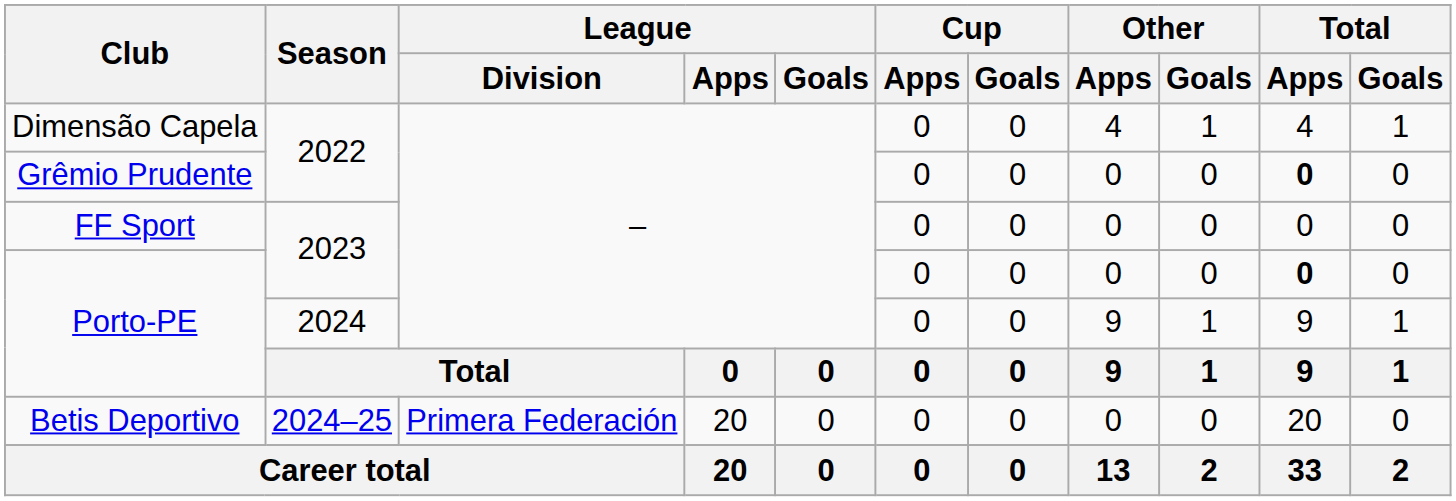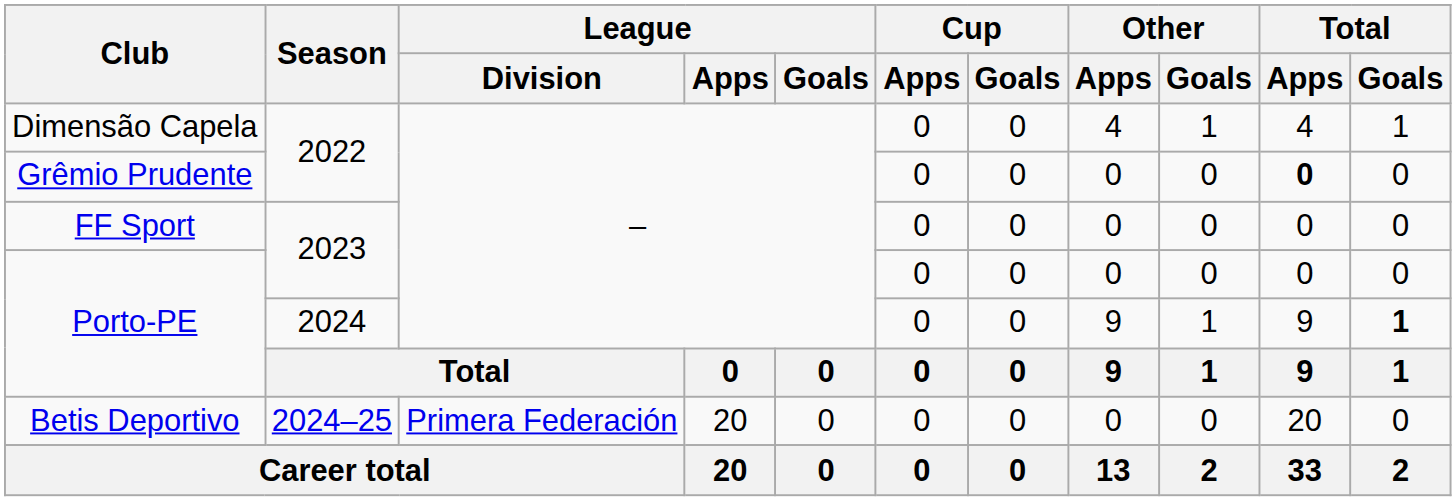 <table class=wikitable style=text-align:center>
 <tr>
 <th rowspan="2">Club</th>
 <th rowspan="2">Season</th>
 <th colspan="3">League</th>
 <th colspan="2">Cup</th>
 <th colspan="2">Other</th>
 <th colspan="2">Total</th>
 </tr>
 <tr>
 <th>Division</th>
 <th>Apps</th>
 <th>Goals</th>
 <th>Apps</th>
 <th>Goals</th>
 <th>Apps</th>
 <th>Goals</th>
 <th>Apps</th>
 <th>Goals</th>
 </tr>
 <tr>
 <td>Dimensão Capela</td>
 <td rowspan="2">2022</td>
 <td colspan="3" rowspan="5">–</td>
 <td>0</td>
 <td>0</td>
 <td>4</td>
 <td>1</td>
 <td>4</td>
 <td>1</td>
 </tr>
 <tr>
 <td><a href='#'>Grêmio Prudente</a></td>
 <td>0</td>
 <td>0</td>
 <td>0</td>
 <td>0</td>
 <td><strong>0</strong></td>
 <td>0</td>
 </tr>
 <tr>
 <td><a href='#'>FF Sport</a></td>
 <td rowspan="2">2023</td>
 <td>0</td>
 <td>0</td>
 <td>0</td>
 <td>0</td>
 <td>0</td>
 <td>0</td>
 </tr>
 <tr>
 <td rowspan="3"><a href='#'>Porto-PE</a></td>
 <td>0</td>
 <td>0</td>
 <td>0</td>
 <td>0</td>
-<td><strong>0</strong></td>
+<td>0</td>
 <td>0</td>
 </tr>
 <tr>
 <td>2024</td>
 <td>0</td>
 <td>0</td>
 <td>9</td>
 <td>1</td>
 <td>9</td>
-<td>1</td>
+<td><strong>1</strong></td>
 </tr>
 <tr>
 <th colspan="2"><strong>Total</strong></th>
 <th>0</th>
 <th>0</th>
 <th>0</th>
 <th>0</th>
 <th>9</th>
 <th>1</th>
 <th>9</th>
 <th>1</th>
 </tr>
 <tr>
 <td><a href='#'>Betis Deportivo</a></td>
 <td><a href='#'>2024–25</a></td>
 <td><a href='#'>Primera Federación</a></td>
 <td>20</td>
 <td>0</td>
 <td>0</td>
 <td>0</td>
 <td>0</td>
 <td>0</td>
 <td>20</td>
 <td>0</td>
 </tr>
 <tr>
 <th colspan="3"><strong>Career total</strong></th>
 <th>20</th>
 <th>0</th>
 <th>0</th>
 <th>0</th>
 <th>13</th>
 <th>2</th>
 <th>33</th>
 <th>2</th>
 </tr>
 </table>
